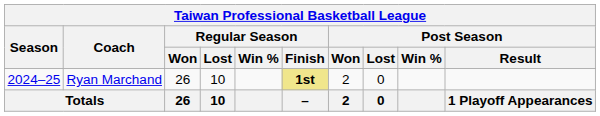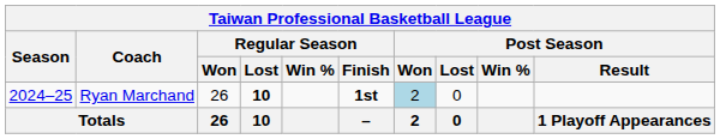 <table class="wikitable" style="font-size: 95%; text-align:center;">
 <tr>
 <th colspan="10"><a href='#'>Taiwan Professional Basketball League</a></th>
 </tr>
 <tr>
 <th rowspan="2">Season</th>
 <th rowspan="2">Coach</th>
 <th colspan="4">Regular Season</th>
 <th colspan="4">Post Season</th>
 </tr>
 <tr>
 <th>Won</th>
 <th>Lost</th>
 <th>Win %</th>
 <th>Finish</th>
 <th>Won</th>
 <th>Lost</th>
 <th>Win %</th>
 <th>Result</th>
 </tr>
 <tr>
 <td><a href='#'>2024–25</a></td>
 <td><a href='#'>Ryan Marchand</a></td>
 <td>26</td>
-<td>10</td>
+<td><strong>10</strong></td>
 <td></td>
-<td style="background: khaki;"><strong>1st</strong></td>
-<td>2</td>
+<td><strong>1st</strong></td>
+<td style="background: lightblue;">2</td>
 <td>0</td>
 <td></td>
 <td></td>
 </tr>
 <tr>
 <th colspan="2">Totals</th>
 <th>26</th>
 <th>10</th>
 <th></th>
 <th>–</th>
 <th>2</th>
 <th>0</th>
 <th></th>
 <th>1 Playoff Appearances</th>
 </tr>
 </table>
